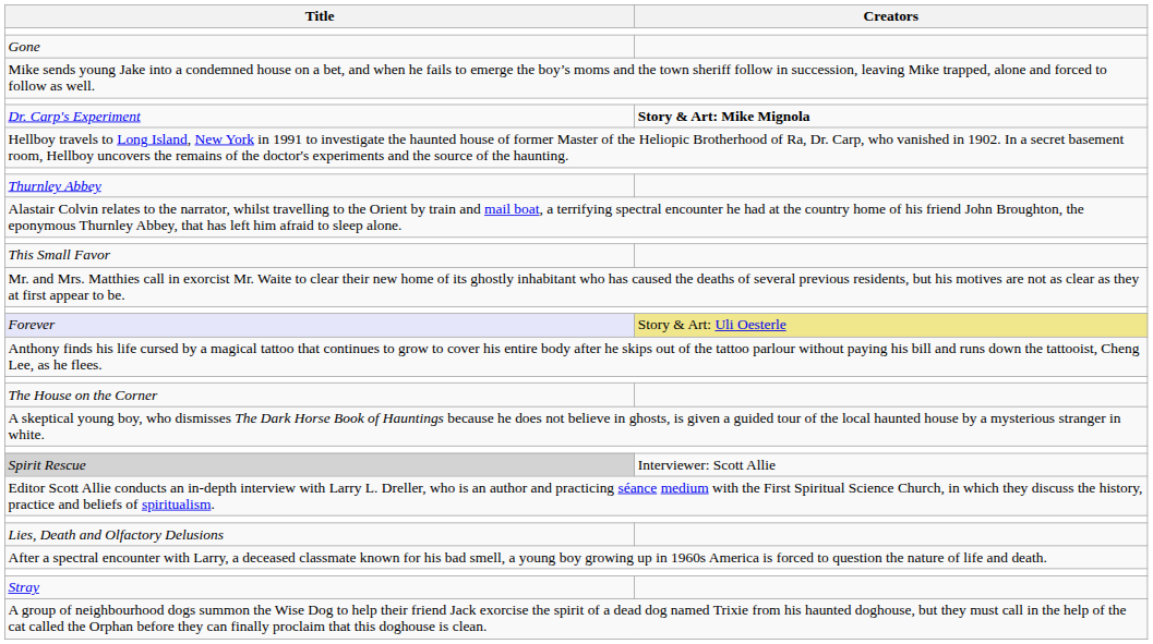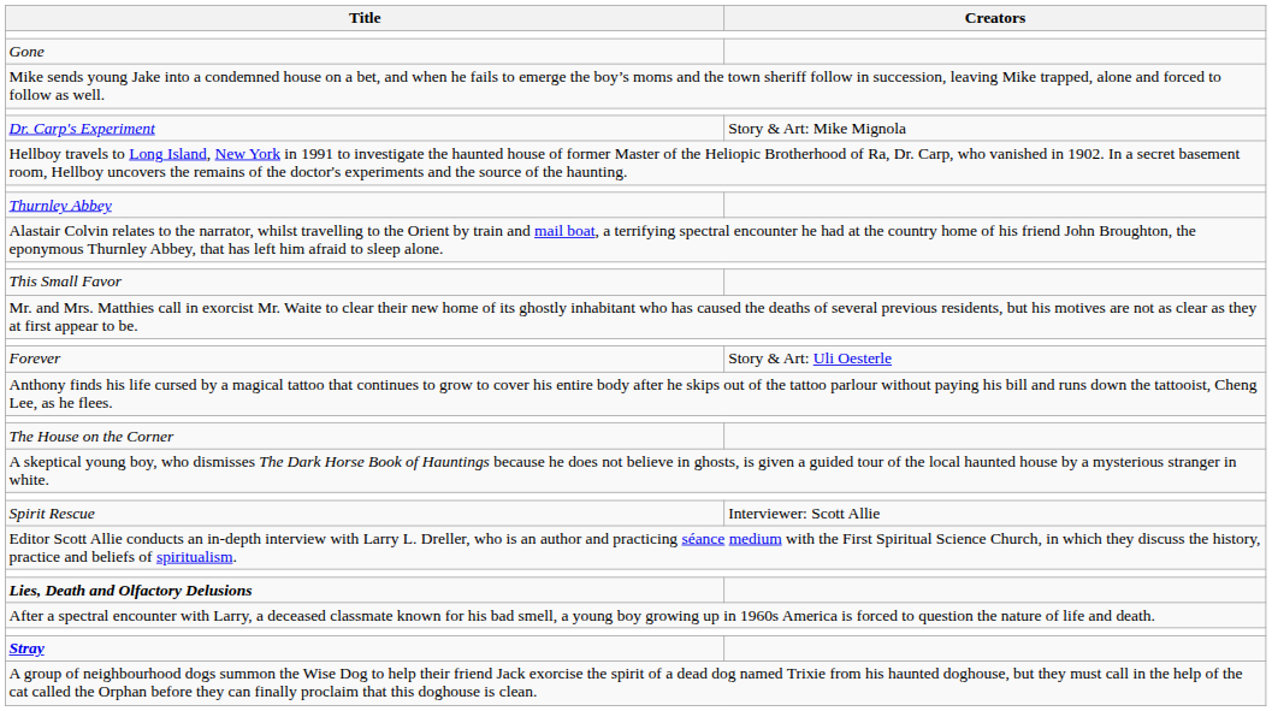 <table class="wikitable">
 <tr>
 <th>Title</th>
 <th>Creators</th>
 </tr>
 <tr>
 <td colspan="6" bgcolor="#FFFFFF"></td>
 </tr>
 <tr>
 <td><em>Gone</em></td>
 <td></td>
 </tr>
 <tr>
 <td colspan="6">Mike sends young Jake into a condemned house on a bet, and when he fails to emerge the boy’s moms and the town sheriff follow in succession, leaving Mike trapped, alone and forced to follow as well.</td>
 </tr>
 <tr>
 <td colspan="6" bgcolor="#FFFFFF"></td>
 </tr>
 <tr>
 <td><em><a href='#'>Dr. Carp's Experiment</a></em></td>
-<td><strong>Story & Art: Mike Mignola</strong></td>
+<td>Story & Art: Mike Mignola</td>
 </tr>
 <tr>
 <td colspan="6">Hellboy travels to <a href='#'>Long Island</a>, <a href='#'>New York</a> in 1991 to investigate the haunted house of former Master of the Heliopic Brotherhood of Ra, Dr. Carp, who vanished in 1902. In a secret basement room, Hellboy uncovers the remains of the doctor's experiments and the source of the haunting.</td>
 </tr>
 <tr>
 <td colspan="6" bgcolor="#FFFFFF"></td>
 </tr>
 <tr>
 <td><em><a href='#'>Thurnley Abbey</a></em></td>
 <td></td>
 </tr>
 <tr>
 <td colspan="6">Alastair Colvin relates to the narrator, whilst travelling to the Orient by train and <a href='#'>mail boat</a>, a terrifying spectral encounter he had at the country home of his friend John Broughton, the eponymous Thurnley Abbey, that has left him afraid to sleep alone.</td>
 </tr>
 <tr>
 <td colspan="6" bgcolor="#FFFFFF"></td>
 </tr>
 <tr>
 <td><em>This Small Favor</em></td>
 <td></td>
 </tr>
 <tr>
 <td colspan="6">Mr. and Mrs. Matthies call in exorcist Mr. Waite to clear their new home of its ghostly inhabitant who has caused the deaths of several previous residents, but his motives are not as clear as they at first appear to be.</td>
 </tr>
 <tr>
 <td colspan="6" bgcolor="#FFFFFF"></td>
 </tr>
 <tr>
-<td style="background: lavender;"><em>Forever</em></td>
-<td style="background: khaki;">Story & Art: <a href='#'>Uli Oesterle</a></td>
+<td><em>Forever</em></td>
+<td>Story & Art: <a href='#'>Uli Oesterle</a></td>
 </tr>
 <tr>
 <td colspan="6">Anthony finds his life cursed by a magical tattoo that continues to grow to cover his entire body after he skips out of the tattoo parlour without paying his bill and runs down the tattooist, Cheng Lee, as he flees.</td>
 </tr>
 <tr>
 <td colspan="6" bgcolor="#FFFFFF"></td>
 </tr>
 <tr>
 <td><em>The House on the Corner</em></td>
 <td></td>
 </tr>
 <tr>
 <td colspan="6">A skeptical young boy, who dismisses <em>The Dark Horse Book of Hauntings</em> because he does not believe in ghosts, is given a guided tour of the local haunted house by a mysterious stranger in white.</td>
 </tr>
 <tr>
 <td colspan="6" bgcolor="#FFFFFF"></td>
 </tr>
 <tr>
-<td style="background: lightgrey;"><em>Spirit Rescue</em></td>
+<td><em>Spirit Rescue</em></td>
 <td>Interviewer: Scott Allie</td>
 </tr>
 <tr>
 <td colspan="6">Editor Scott Allie conducts an in-depth interview with Larry L. Dreller, who is an author and practicing <a href='#'>séance</a> <a href='#'>medium</a> with the First Spiritual Science Church, in which they discuss the history, practice and beliefs of <a href='#'>spiritualism</a>.</td>
 </tr>
 <tr>
 <td colspan="6" bgcolor="#FFFFFF"></td>
 </tr>
 <tr>
-<td><em>Lies, Death and Olfactory Delusions</em></td>
+<td><strong><em>Lies, Death and Olfactory Delusions</em></strong></td>
 <td></td>
 </tr>
 <tr>
 <td colspan="6">After a spectral encounter with Larry, a deceased classmate known for his bad smell, a young boy growing up in 1960s America is forced to question the nature of life and death.</td>
 </tr>
 <tr>
 <td colspan="6" bgcolor="#FFFFFF"></td>
 </tr>
 <tr>
-<td><em><a href='#'>Stray</a></em></td>
+<td><strong><em><a href='#'>Stray</a></em></strong></td>
 <td></td>
 </tr>
 <tr>
 <td colspan="6">A group of neighbourhood dogs summon the Wise Dog to help their friend Jack exorcise the spirit of a dead dog named Trixie from his haunted doghouse, but they must call in the help of the cat called the Orphan before they can finally proclaim that this doghouse is clean.</td>
 </tr>
 </table>
